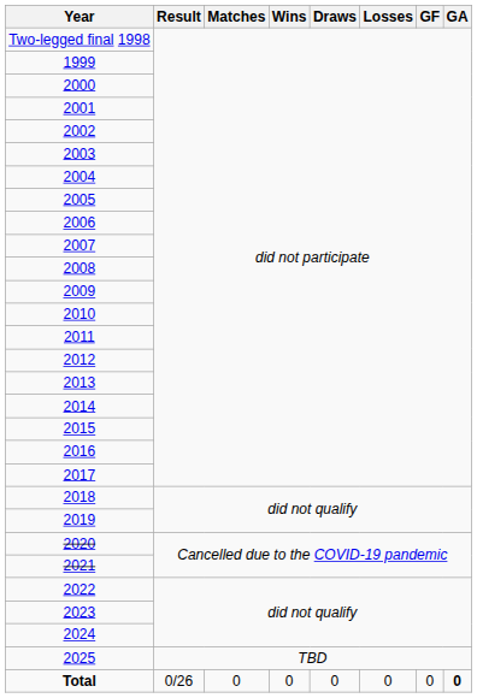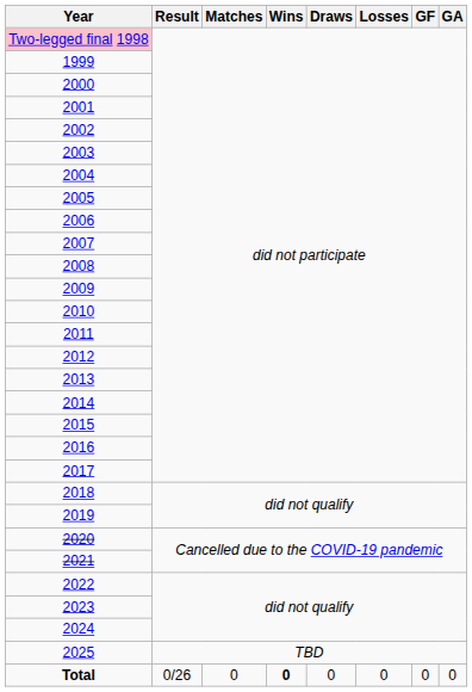 <table class="wikitable" style="text-align: center;">
 <tr>
 <th>Year</th>
 <th>Result</th>
 <th>Matches</th>
 <th>Wins</th>
 <th>Draws</th>
 <th>Losses</th>
 <th>GF</th>
 <th>GA</th>
 </tr>
 <tr>
-<td><a href='#'>Two-legged final</a> <a href='#'>1998</a></td>
+<td style="background: pink;"><a href='#'>Two-legged final</a> <a href='#'>1998</a></td>
 <td colspan=7 rowspan=20><em>did not participate</em></td>
 </tr>
 <tr>
 <td> <a href='#'>1999</a></td>
 </tr>
 <tr>
 <td> <a href='#'>2000</a></td>
 </tr>
 <tr>
 <td> <a href='#'>2001</a></td>
 </tr>
 <tr>
 <td> <a href='#'>2002</a></td>
 </tr>
 <tr>
 <td> <a href='#'>2003</a></td>
 </tr>
 <tr>
 <td> <a href='#'>2004</a></td>
 </tr>
 <tr>
 <td> <a href='#'>2005</a></td>
 </tr>
 <tr>
 <td> <a href='#'>2006</a></td>
 </tr>
 <tr>
 <td> <a href='#'>2007</a></td>
 </tr>
 <tr>
 <td> <a href='#'>2008</a></td>
 </tr>
 <tr>
 <td> <a href='#'>2009</a></td>
 </tr>
 <tr>
 <td> <a href='#'>2010</a></td>
 </tr>
 <tr>
 <td> <a href='#'>2011</a></td>
 </tr>
 <tr>
 <td> <a href='#'>2012</a></td>
 </tr>
 <tr>
 <td> <a href='#'>2013</a></td>
 </tr>
 <tr>
 <td> <a href='#'>2014</a></td>
 </tr>
 <tr>
 <td> <a href='#'>2015</a></td>
 </tr>
 <tr>
 <td> <a href='#'>2016</a></td>
 </tr>
 <tr>
 <td> <a href='#'>2017</a></td>
 </tr>
 <tr>
 <td> <a href='#'>2018</a></td>
 <td colspan=7 rowspan=2><em>did not qualify</em></td>
 </tr>
 <tr>
 <td> <a href='#'>2019</a></td>
 </tr>
 <tr>
 <td> <s><a href='#'>2020</a></s></td>
 <td colspan=7 rowspan=2><em>Cancelled due to the <a href='#'>COVID-19 pandemic</a></em></td>
 </tr>
 <tr>
 <td> <s><a href='#'>2021</a></s></td>
 </tr>
 <tr>
 <td> <a href='#'>2022</a></td>
 <td colspan=7 rowspan=3><em>did not qualify</em></td>
 </tr>
 <tr>
 <td> <a href='#'>2023</a></td>
 </tr>
 <tr>
 <td> <a href='#'>2024</a></td>
 </tr>
 <tr>
 <td> <a href='#'>2025</a></td>
 <td colspan=8 rowspan=1><em>TBD</em></td>
 </tr>
 <tr>
 <td><strong>Total</strong></td>
 <td>0/26</td>
 <td>0</td>
+<td><strong>0</strong></td>
 <td>0</td>
 <td>0</td>
 <td>0</td>
 <td>0</td>
-<td><strong>0</strong></td>
 </tr>
 </table>
